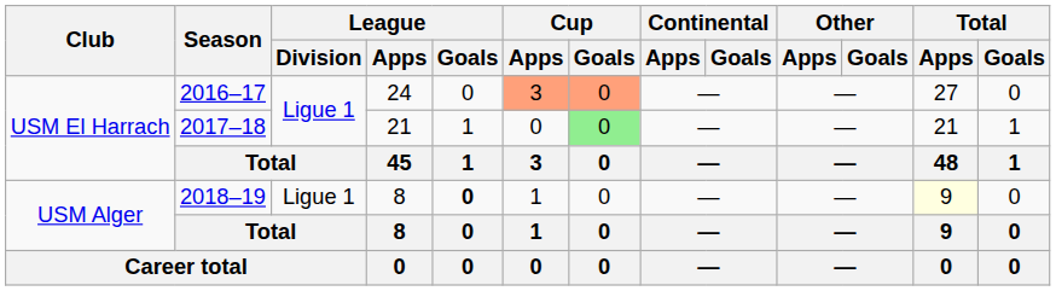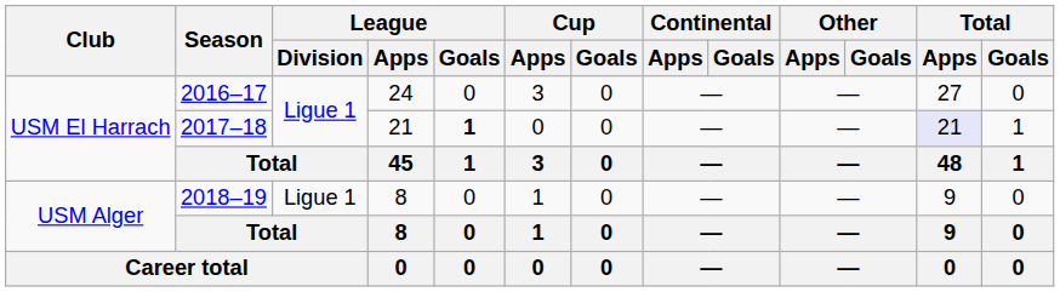 <table class="wikitable" style="text-align: center;">
 <tr>
 <th rowspan="2">Club</th>
 <th rowspan="2">Season</th>
 <th colspan="3">League</th>
 <th colspan="2">Cup</th>
 <th colspan="2">Continental</th>
 <th colspan="2">Other</th>
 <th colspan="2">Total</th>
 </tr>
 <tr>
 <th>Division</th>
 <th>Apps</th>
 <th>Goals</th>
 <th>Apps</th>
 <th>Goals</th>
 <th>Apps</th>
 <th>Goals</th>
 <th>Apps</th>
 <th>Goals</th>
 <th>Apps</th>
 <th>Goals</th>
 </tr>
 <tr>
 <td rowspan=3><a href='#'>USM El Harrach</a></td>
 <td><a href='#'>2016–17</a></td>
 <td rowspan=2><a href='#'>Ligue 1</a></td>
 <td>24</td>
 <td>0</td>
-<td style="background: lightsalmon;">3</td>
-<td style="background: lightsalmon;">0</td>
+<td>3</td>
+<td>0</td>
 <td colspan=2>—</td>
 <td colspan=2>—</td>
 <td>27</td>
 <td>0</td>
 </tr>
 <tr>
 <td><a href='#'>2017–18</a></td>
 <td>21</td>
-<td>1</td>
+<td><strong>1</strong></td>
 <td>0</td>
-<td style="background: lightgreen;">0</td>
+<td>0</td>
 <td colspan=2>—</td>
 <td colspan=2>—</td>
-<td>21</td>
+<td style="background: lavender;">21</td>
 <td>1</td>
 </tr>
 <tr>
 <th colspan=2>Total</th>
 <th>45</th>
 <th>1</th>
 <th>3</th>
 <th>0</th>
 <th colspan=2>—</th>
 <th colspan=2>—</th>
 <th>48</th>
 <th>1</th>
 </tr>
 <tr>
 <td rowspan=2 valign="center"><a href='#'>USM Alger</a></td>
 <td><a href='#'>2018–19</a></td>
 <td>Ligue 1</td>
 <td>8</td>
-<td><strong>0</strong></td>
+<td>0</td>
 <td>1</td>
 <td>0</td>
 <td colspan=2>—</td>
 <td colspan=2>—</td>
-<td style="background: lightyellow;">9</td>
+<td>9</td>
 <td>0</td>
 </tr>
 <tr>
 <th colspan="2">Total</th>
 <th>8</th>
 <th>0</th>
 <th>1</th>
 <th>0</th>
 <th colspan=2>—</th>
 <th colspan=2>—</th>
 <th>9</th>
 <th>0</th>
 </tr>
 <tr>
 <th colspan="3">Career total</th>
 <th>0</th>
 <th>0</th>
 <th>0</th>
 <th>0</th>
 <th colspan=2>—</th>
 <th colspan=2>—</th>
 <th>0</th>
 <th>0</th>
 </tr>
 </table>
